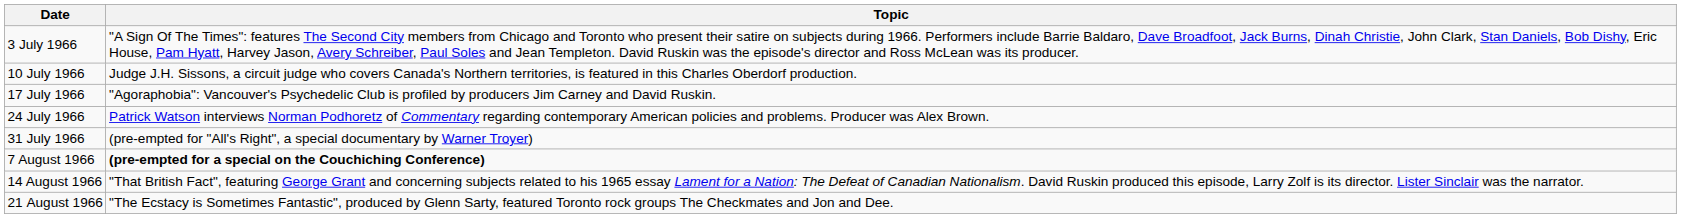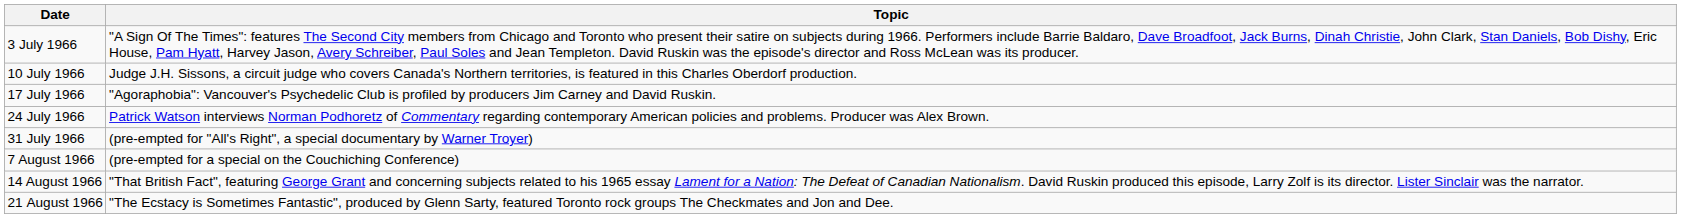 <table class="wikitable">
 <tr>
 <th>Date</th>
 <th>Topic</th>
 </tr>
 <tr>
 <td>3 July 1966</td>
 <td>"A Sign Of The Times": features <a href='#'>The Second City</a> members from Chicago and Toronto who present their satire on subjects during 1966. Performers include Barrie Baldaro, <a href='#'>Dave Broadfoot</a>, <a href='#'>Jack Burns</a>, <a href='#'>Dinah Christie</a>, John Clark, <a href='#'>Stan Daniels</a>, <a href='#'>Bob Dishy</a>, Eric House, <a href='#'>Pam Hyatt</a>, Harvey Jason, <a href='#'>Avery Schreiber</a>, <a href='#'>Paul Soles</a> and Jean Templeton. David Ruskin was the episode's director and Ross McLean was its producer.</td>
 </tr>
 <tr>
 <td>10 July 1966</td>
 <td>Judge J.H. Sissons, a circuit judge who covers Canada's Northern territories, is featured in this Charles Oberdorf production.</td>
 </tr>
 <tr>
 <td>17 July 1966</td>
 <td>"Agoraphobia": Vancouver's Psychedelic Club is profiled by producers Jim Carney and David Ruskin.</td>
 </tr>
 <tr>
 <td>24 July 1966</td>
 <td><a href='#'>Patrick Watson</a> interviews <a href='#'>Norman Podhoretz</a> of <em><a href='#'>Commentary</a></em> regarding contemporary American policies and problems. Producer was Alex Brown.</td>
 </tr>
 <tr>
 <td>31 July 1966</td>
 <td>(pre-empted for "All's Right", a special documentary by <a href='#'>Warner Troyer</a>)</td>
 </tr>
 <tr>
 <td>7 August 1966</td>
-<td><strong>(pre-empted for a special on the Couchiching Conference)</strong></td>
+<td>(pre-empted for a special on the Couchiching Conference)</td>
 </tr>
 <tr>
 <td>14 August 1966</td>
 <td>"That British Fact", featuring <a href='#'>George Grant</a> and concerning subjects related to his 1965 essay <em><a href='#'>Lament for a Nation</a>: The Defeat of Canadian Nationalism</em>. David Ruskin produced this episode, Larry Zolf is its director. <a href='#'>Lister Sinclair</a> was the narrator.</td>
 </tr>
 <tr>
 <td>21 August 1966</td>
 <td>"The Ecstacy is Sometimes Fantastic", produced by Glenn Sarty, featured Toronto rock groups The Checkmates and Jon and Dee.</td>
 </tr>
 </table>
